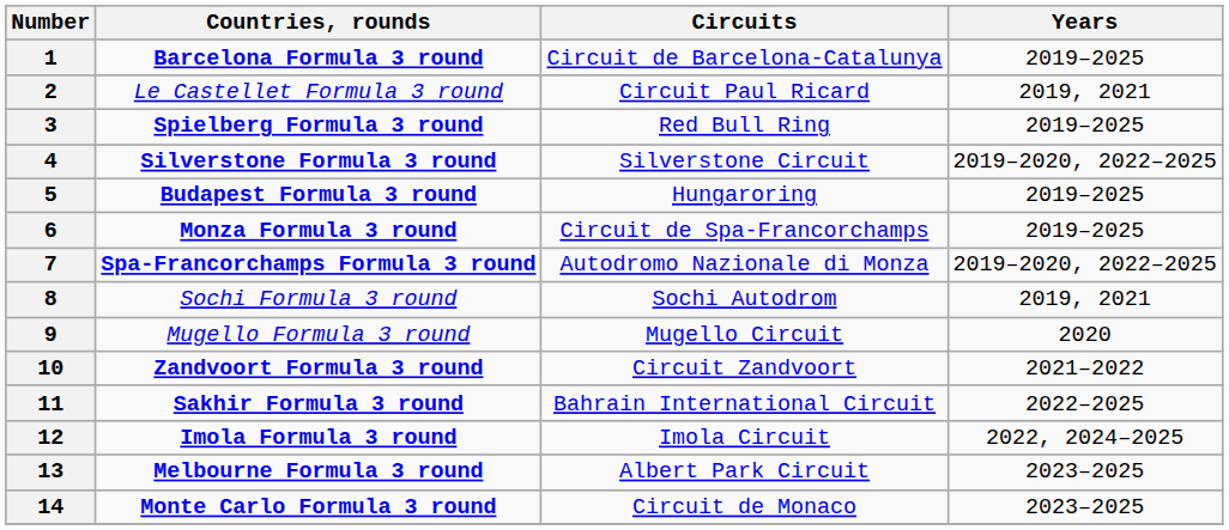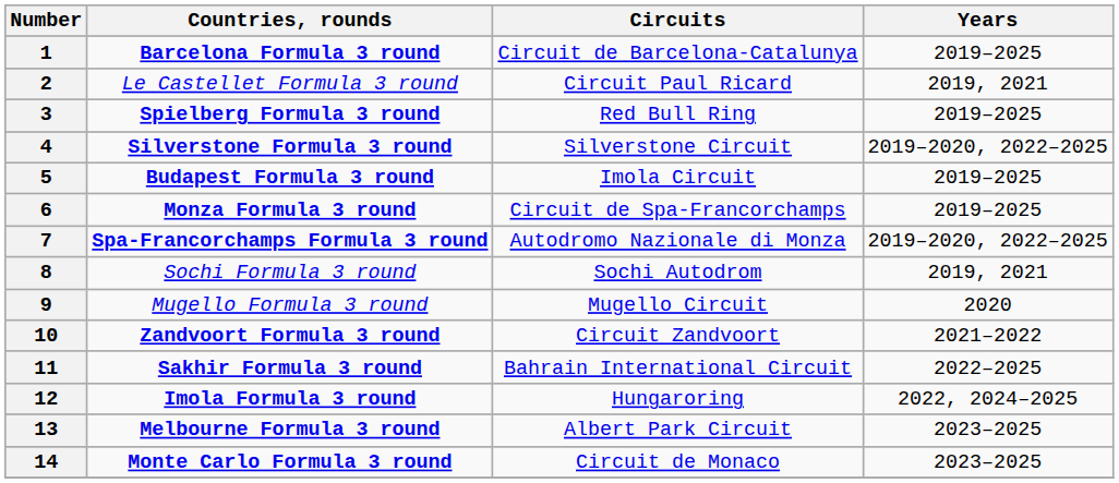 <table class="wikitable" style="text-align:center;font-size:85%">
 <tr>
 <th>Number</th>
 <th>Countries, rounds</th>
 <th>Circuits</th>
 <th>Years</th>
 </tr>
 <tr>
 <th>1</th>
 <td><strong> <a href='#'>Barcelona Formula 3 round</a></strong></td>
 <td><a href='#'>Circuit de Barcelona-Catalunya</a></td>
 <td>2019–⁠2025</td>
 </tr>
 <tr>
 <th>2</th>
 <td><em> <a href='#'>Le Castellet Formula 3 round</a></em></td>
 <td><a href='#'>Circuit Paul Ricard</a></td>
 <td>2019, 2021</td>
 </tr>
 <tr>
 <th>3</th>
 <td><strong> <a href='#'>Spielberg Formula 3 round</a></strong></td>
 <td><a href='#'>Red Bull Ring</a></td>
 <td>2019–2025</td>
 </tr>
 <tr>
 <th>4</th>
 <td><strong> <a href='#'>Silverstone Formula 3 round</a></strong></td>
 <td><a href='#'>Silverstone Circuit</a></td>
 <td>2019–2020⁠, 2022–2025</td>
 </tr>
 <tr>
 <th>5</th>
 <td><strong> <a href='#'>Budapest Formula 3 round</a></strong></td>
-<td><a href='#'>Hungaroring</a></td>
+<td><a href='#'>Imola Circuit</a></td>
 <td>2019–2025</td>
 </tr>
 <tr>
 <th>6</th>
 <td><strong> <a href='#'>Monza Formula 3 round</a></strong></td>
 <td><a href='#'>Circuit de Spa-Francorchamps</a></td>
 <td>2019–2025</td>
 </tr>
 <tr>
 <th>7</th>
 <td><strong> <a href='#'>Spa-Francorchamps Formula 3 round</a></strong></td>
 <td><a href='#'>Autodromo Nazionale di Monza</a></td>
 <td>2019–2020⁠, 2022–2025</td>
 </tr>
 <tr>
 <th>8</th>
 <td><em> <a href='#'>Sochi Formula 3 round</a></em></td>
 <td><a href='#'>Sochi Autodrom</a></td>
 <td>2019⁠, 2021</td>
 </tr>
 <tr>
 <th>9</th>
 <td><em> <a href='#'>Mugello Formula 3 round</a></em></td>
 <td><a href='#'>Mugello Circuit</a></td>
 <td>2020</td>
 </tr>
 <tr>
 <th>10</th>
 <td><strong> <a href='#'>Zandvoort Formula 3 round</a></strong></td>
 <td><a href='#'>Circuit Zandvoort</a></td>
 <td>2021–2022</td>
 </tr>
 <tr>
 <th>11</th>
 <td><strong> <a href='#'>Sakhir Formula 3 round</a></strong></td>
 <td><a href='#'>Bahrain International Circuit</a></td>
 <td>2022–2025</td>
 </tr>
 <tr>
 <th>12</th>
 <td><strong> <a href='#'>Imola Formula 3 round</a></strong></td>
-<td><a href='#'>Imola Circuit</a></td>
+<td><a href='#'>Hungaroring</a></td>
 <td>2022, 2024–⁠2025</td>
 </tr>
 <tr>
 <th>13</th>
 <td><strong> <a href='#'>Melbourne Formula 3 round</a></strong></td>
 <td><a href='#'>Albert Park Circuit</a></td>
 <td>2023–2025</td>
 </tr>
 <tr>
 <th>14</th>
 <td><strong> <a href='#'>Monte Carlo Formula 3 round</a></strong></td>
 <td><a href='#'>Circuit de Monaco</a></td>
 <td>2023–2025</td>
 </tr>
 <tr>
 </tr>
 </table>
